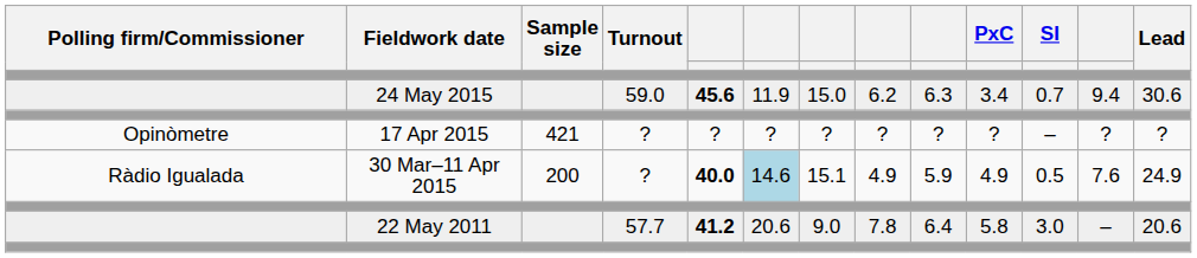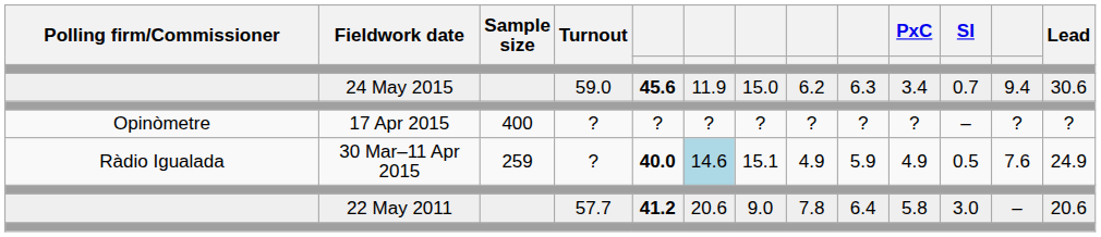 <table class="wikitable collapsible collapsed" style="text-align:center; font-size:95%; line-height:16px;">
 <tr style="height:42px;">
 <th style="width:250px;" rowspan="2">Polling firm/Commissioner</th>
 <th style="width:125px;" rowspan="2">Fieldwork date</th>
 <th style="width:50px;" rowspan="2">Sample size</th>
 <th style="width:45px;" rowspan="2">Turnout</th>
 <th style="width:35px;"></th>
 <th style="width:35px;"></th>
 <th style="width:35px;"></th>
 <th style="width:35px;"></th>
 <th style="width:35px;"></th>
 <th style="width:35px;"><a href='#'>PxC</a></th>
 <th style="width:35px;"><a href='#'>SI</a></th>
 <th style="width:35px;"></th>
 <th style="width:30px;" rowspan="2">Lead</th>
 </tr>
 <tr>
 <th style="color:inherit;background:"></th>
 <th style="color:inherit;background:"></th>
 <th style="color:inherit;background:"></th>
 <th style="color:inherit;background:"></th>
 <th style="color:inherit;background:"></th>
 <th style="color:inherit;background:"></th>
 <th style="color:inherit;background:"></th>
 <th style="color:inherit;background:"></th>
 </tr>
 <tr>
 <td colspan="13" style="background:#A0A0A0"></td>
 </tr>
 <tr style="background:#EFEFEF;">
 <td><strong></strong></td>
 <td>24 May 2015</td>
 <td></td>
 <td>59.0</td>
 <td><strong>45.6</strong><br></td>
 <td>11.9<br></td>
 <td>15.0<br></td>
 <td>6.2<br></td>
 <td>6.3<br></td>
 <td>3.4<br></td>
 <td>0.7<br></td>
 <td>9.4<br></td>
 <td style="background:">30.6</td>
 </tr>
 <tr>
 <td colspan="13" style="background:#A0A0A0"></td>
 </tr>
 <tr>
 <td>Opinòmetre</td>
 <td>17 Apr 2015</td>
-<td>421</td>
+<td>400</td>
 <td>?</td>
 <td>?<br></td>
 <td>?<br></td>
 <td>?<br></td>
 <td>?<br></td>
 <td>?<br></td>
 <td>?<br></td>
 <td>–</td>
 <td>?<br></td>
 <td style="background:">?</td>
 </tr>
 <tr>
 <td>Ràdio Igualada</td>
 <td>30 Mar–11 Apr 2015</td>
-<td>200</td>
+<td>259</td>
 <td>?</td>
 <td><strong>40.0</strong><br></td>
 <td style="background: lightblue;">14.6<br></td>
 <td>15.1<br></td>
 <td>4.9<br></td>
 <td>5.9<br></td>
 <td>4.9<br></td>
 <td>0.5<br></td>
 <td>7.6<br></td>
 <td style="background:">24.9</td>
 </tr>
 <tr>
 <td colspan="13" style="background:#A0A0A0"></td>
 </tr>
 <tr style="background:#EFEFEF;">
 <td><strong></strong></td>
 <td>22 May 2011</td>
 <td></td>
 <td>57.7</td>
 <td><strong>41.2</strong><br></td>
 <td>20.6<br></td>
 <td>9.0<br></td>
 <td>7.8<br></td>
 <td>6.4<br></td>
 <td>5.8<br></td>
 <td>3.0<br></td>
 <td>–</td>
 <td style="background:">20.6</td>
 </tr>
 <tr>
 <td colspan="13" style="background:#A0A0A0"></td>
 </tr>
 </table>
